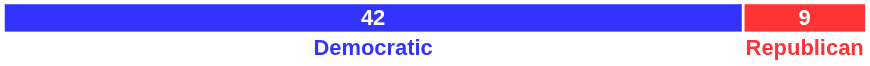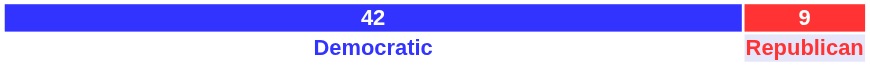 <table style="width:50%">
 <tr>
 <td scope="row" colspan="3" style="text-align:center"></td>
 </tr>
 <tr>
 <td scope="row" style="background:#33F; width:90.2%; text-align:center; color:white"><strong>42</strong></td>
 <td style="background:#F33; width:9.8%; text-align:center; color:white"><strong>9</strong></td>
 </tr>
 <tr>
 <td scope="row" style="text-align:center; color:#33F"><strong>Democratic</strong></td>
-<td style="text-align:center; color:#F33"><strong>Republican</strong></td>
+<td style="background: lavender; text-align:center; color:#F33"><strong>Republican</strong></td>
 </tr>
 </table>
